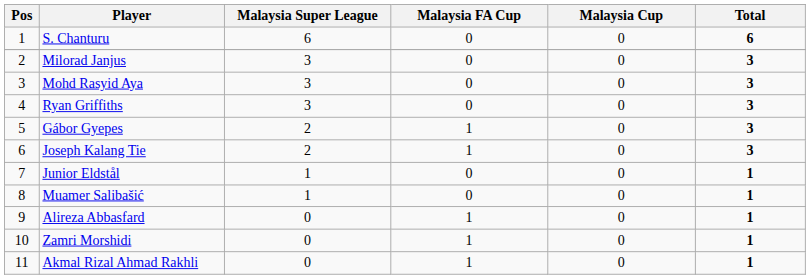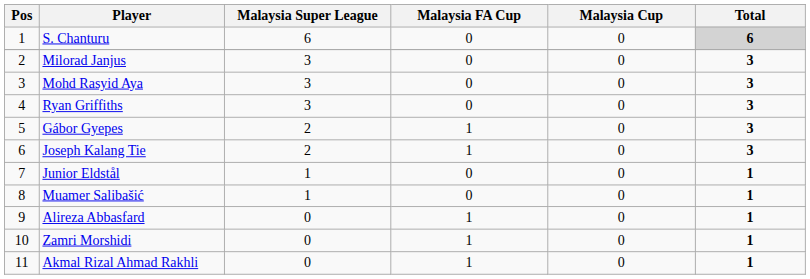 <table class="wikitable" style="text-align:center; font-size: 93%;">
 <tr>
 <th width=30>Pos</th>
 <th width=190>Player</th>
 <th width=170>Malaysia Super League</th>
 <th width=160>Malaysia FA Cup</th>
 <th width=150>Malaysia Cup</th>
 <th width=110>Total</th>
 </tr>
 <tr>
 <td>1</td>
 <td style="text-align:left;"> <a href='#'>S. Chanturu</a></td>
 <td>6</td>
 <td>0</td>
 <td>0</td>
-<td><strong>6</strong></td>
+<td style="background: lightgrey;"><strong>6</strong></td>
 </tr>
 <tr>
 </tr>
 <tr>
 <td>2</td>
 <td style="text-align:left;"> <a href='#'>Milorad Janjus</a></td>
 <td>3</td>
 <td>0</td>
 <td>0</td>
 <td><strong>3</strong></td>
 </tr>
 <tr>
 <td>3</td>
 <td style="text-align:left;"> <a href='#'>Mohd Rasyid Aya</a></td>
 <td>3</td>
 <td>0</td>
 <td>0</td>
 <td><strong>3</strong></td>
 </tr>
 <tr>
 <td>4</td>
 <td style="text-align:left;"> <a href='#'>Ryan Griffiths</a></td>
 <td>3</td>
 <td>0</td>
 <td>0</td>
 <td><strong>3</strong></td>
 </tr>
 <tr>
 <td>5</td>
 <td style="text-align:left;"> <a href='#'>Gábor Gyepes</a></td>
 <td>2</td>
 <td>1</td>
 <td>0</td>
 <td><strong>3</strong></td>
 </tr>
 <tr>
 <td>6</td>
 <td style="text-align:left;"> <a href='#'>Joseph Kalang Tie</a></td>
 <td>2</td>
 <td>1</td>
 <td>0</td>
 <td><strong>3</strong></td>
 </tr>
 <tr>
 <td>7</td>
 <td style="text-align:left;"> <a href='#'>Junior Eldstål</a></td>
 <td>1</td>
 <td>0</td>
 <td>0</td>
 <td><strong>1</strong></td>
 </tr>
 <tr>
 <td>8</td>
 <td style="text-align:left;"> <a href='#'>Muamer Salibašić</a></td>
 <td>1</td>
 <td>0</td>
 <td>0</td>
 <td><strong>1</strong></td>
 </tr>
 <tr>
 <td>9</td>
 <td style="text-align:left;"> <a href='#'>Alireza Abbasfard</a></td>
 <td>0</td>
 <td>1</td>
 <td>0</td>
 <td><strong>1</strong></td>
 </tr>
 <tr>
 <td>10</td>
 <td style="text-align:left;"> <a href='#'>Zamri Morshidi</a></td>
 <td>0</td>
 <td>1</td>
 <td>0</td>
 <td><strong>1</strong></td>
 </tr>
 <tr>
 <td>11</td>
 <td style="text-align:left;"> <a href='#'>Akmal Rizal Ahmad Rakhli</a></td>
 <td>0</td>
 <td>1</td>
 <td>0</td>
 <td><strong>1</strong></td>
 </tr>
 </table>
